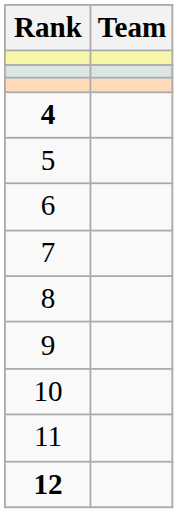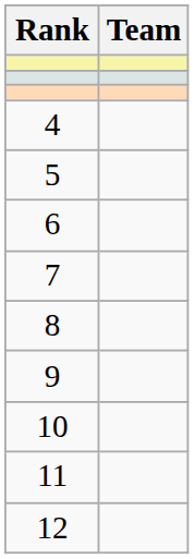 <table class="wikitable" style="text-align:center;">
 <tr>
 <th width=40>Rank</th>
 <th>Team</th>
 </tr>
 <tr style="background:#F7F6A8;">
 <td></td>
 <td style="text-align:left;"></td>
 </tr>
 <tr style="background:#DCE5E5;">
 <td></td>
 <td style="text-align:left;"></td>
 </tr>
 <tr style="background:#FFDAB9;">
 <td></td>
 <td style="text-align:left;"></td>
 </tr>
 <tr>
-<td><strong>4</strong></td>
+<td>4</td>
 <td style="text-align:left;"></td>
 </tr>
 <tr>
 <td>5</td>
 <td style="text-align:left;"></td>
 </tr>
 <tr>
 <td>6</td>
 <td style="text-align:left;"></td>
 </tr>
 <tr>
 <td>7</td>
 <td style="text-align:left;"></td>
 </tr>
 <tr>
 <td>8</td>
 <td style="text-align:left;"></td>
 </tr>
 <tr>
 <td>9</td>
 <td style="text-align:left;"></td>
 </tr>
 <tr>
 <td>10</td>
 <td style="text-align:left;"></td>
 </tr>
 <tr>
 <td>11</td>
 <td style="text-align:left;"></td>
 </tr>
 <tr>
-<td><strong>12</strong></td>
+<td>12</td>
 <td style="text-align:left;"></td>
 </tr>
 </table>
